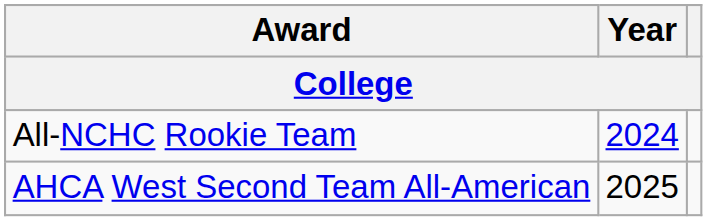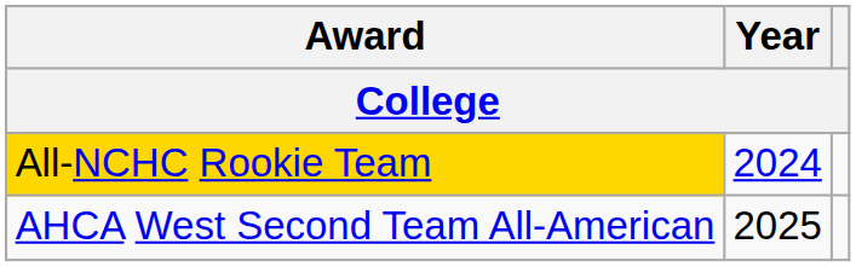 <table class="wikitable">
 <tr>
 <th>Award</th>
 <th>Year</th>
 <th></th>
 </tr>
 <tr>
 <th colspan="3"><a href='#'>College</a></th>
 </tr>
 <tr>
-<td>All-<a href='#'>NCHC</a> <a href='#'>Rookie Team</a></td>
+<td style="background: gold;">All-<a href='#'>NCHC</a> <a href='#'>Rookie Team</a></td>
 <td><a href='#'>2024</a></td>
 <td></td>
 </tr>
 <tr>
 <td><a href='#'>AHCA</a> <a href='#'>West Second Team All-American</a></td>
 <td>2025</td>
 <td></td>
 </tr>
 </table>
